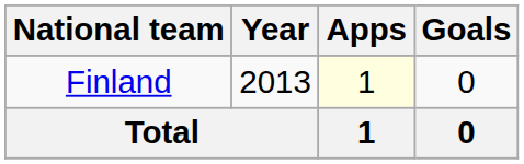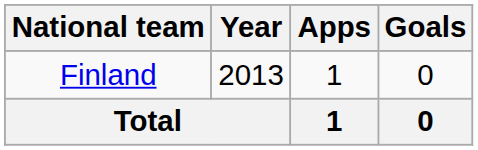 <table class="wikitable" style="text-align:center">
 <tr>
 <th>National team</th>
 <th>Year</th>
 <th>Apps</th>
 <th>Goals</th>
 </tr>
 <tr>
 <td rowspan="1"><a href='#'>Finland</a></td>
 <td>2013</td>
-<td style="background: lightyellow;">1</td>
+<td>1</td>
 <td>0</td>
 </tr>
 <tr>
 <th colspan="2">Total</th>
 <th>1</th>
 <th>0</th>
 </tr>
 </table>
